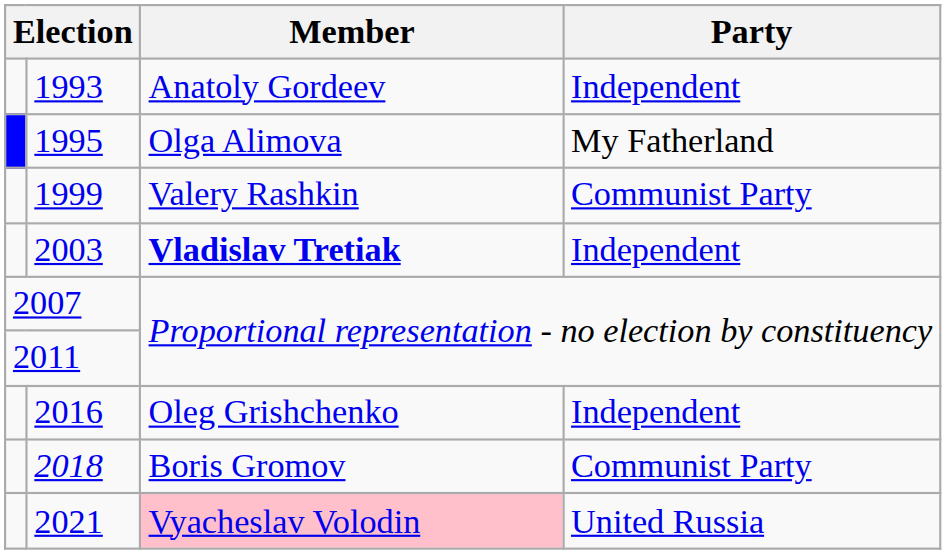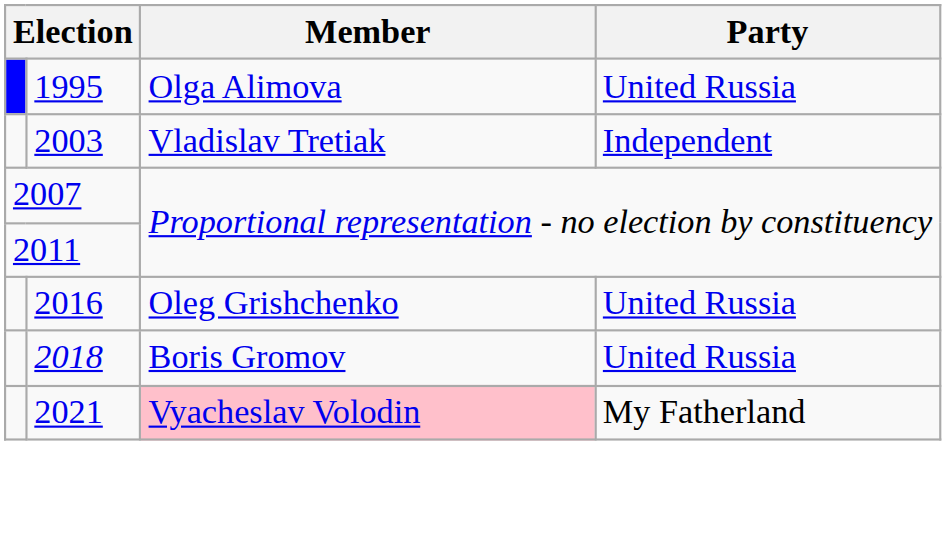 <table class="wikitable">
 <tr>
 <th colspan="2">Election</th>
 <th>Member</th>
 <th>Party</th>
 </tr>
 <tr>
-<td style="background-color:"></td>
-<td><a href='#'>1993</a></td>
-<td><a href='#'>Anatoly Gordeev</a></td>
-<td><a href='#'>Independent</a></td>
-</tr>
-<tr>
 <td style="background-color:blue"></td>
 <td><a href='#'>1995</a></td>
 <td><a href='#'>Olga Alimova</a></td>
-<td>My Fatherland</td>
-</tr>
-<tr>
-<td style="background-color:"></td>
-<td><a href='#'>1999</a></td>
-<td><a href='#'>Valery Rashkin</a></td>
-<td><a href='#'>Communist Party</a></td>
+<td><a href='#'>United Russia</a></td>
 </tr>
 <tr>
 <td style="background-color: "></td>
 <td><a href='#'>2003</a></td>
-<td><strong><a href='#'>Vladislav Tretiak</a></strong></td>
+<td><a href='#'>Vladislav Tretiak</a></td>
 <td><a href='#'>Independent</a></td>
 </tr>
 <tr>
 <td colspan=2><a href='#'>2007</a></td>
 <td colspan=2 rowspan=2><em><a href='#'>Proportional representation</a> - no election by constituency</em></td>
 </tr>
 <tr>
 <td colspan=2><a href='#'>2011</a></td>
 </tr>
 <tr>
 <td style="background-color: "></td>
 <td><a href='#'>2016</a></td>
 <td><a href='#'>Oleg Grishchenko</a></td>
-<td><a href='#'>Independent</a></td>
+<td><a href='#'>United Russia</a></td>
 </tr>
 <tr>
 <td style="background-color: "></td>
 <td><em><a href='#'>2018</a></em></td>
 <td><a href='#'>Boris Gromov</a></td>
-<td><a href='#'>Communist Party</a></td>
+<td><a href='#'>United Russia</a></td>
 </tr>
 <tr>
 <td style="background-color: "></td>
 <td><a href='#'>2021</a></td>
 <td style="background: pink;"><a href='#'>Vyacheslav Volodin</a></td>
-<td><a href='#'>United Russia</a></td>
+<td>My Fatherland</td>
 </tr>
 </table>
